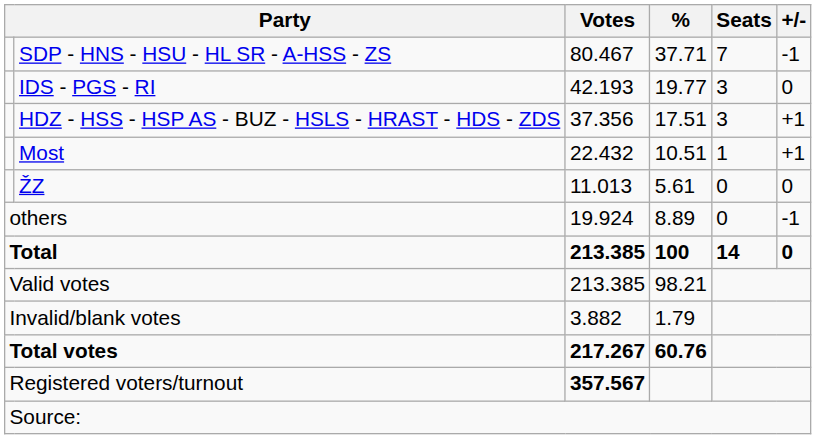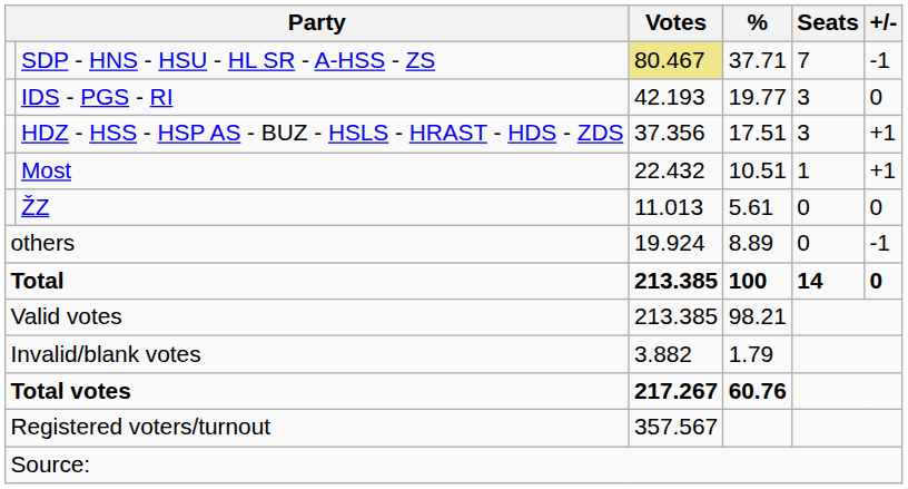 <table class="wikitable" style="text-align: left;">
 <tr>
 <th colspan="2">Party</th>
 <th>Votes</th>
 <th>%</th>
 <th>Seats</th>
 <th>+/-</th>
 </tr>
 <tr>
 <td style="background-color: "></td>
 <td><a href='#'>SDP</a> - <a href='#'>HNS</a> - <a href='#'>HSU</a> - <a href='#'>HL SR</a> - <a href='#'>A-HSS</a> - <a href='#'>ZS</a></td>
-<td>80.467</td>
+<td style="background: khaki;">80.467</td>
 <td>37.71</td>
 <td>7</td>
 <td>-1</td>
 </tr>
 <tr>
 <td style="background-color: "></td>
 <td><a href='#'>IDS</a> - <a href='#'>PGS</a> - <a href='#'>RI</a></td>
 <td>42.193</td>
 <td>19.77</td>
 <td>3</td>
 <td>0</td>
 </tr>
 <tr>
 <td style="background-color: "></td>
 <td><a href='#'>HDZ</a> - <a href='#'>HSS</a> - <a href='#'>HSP AS</a> - BUZ - <a href='#'>HSLS</a> - <a href='#'>HRAST</a> - <a href='#'>HDS</a> - <a href='#'>ZDS</a></td>
 <td>37.356</td>
 <td>17.51</td>
 <td>3</td>
 <td>+1</td>
 </tr>
 <tr>
 <td style="background-color: "></td>
 <td><a href='#'>Most</a></td>
 <td>22.432</td>
 <td>10.51</td>
 <td>1</td>
 <td>+1</td>
 </tr>
 <tr>
 <td style="background-color: "></td>
 <td><a href='#'>ŽZ</a></td>
 <td>11.013</td>
 <td>5.61</td>
 <td>0</td>
 <td>0</td>
 </tr>
 <tr>
 <td colspan="2">others</td>
 <td>19.924</td>
 <td>8.89</td>
 <td>0</td>
 <td>-1</td>
 </tr>
 <tr>
 <td colspan="2"><strong>Total</strong></td>
 <td><strong>213.385</strong></td>
 <td><strong>100</strong></td>
 <td><strong>14</strong></td>
 <td><strong>0</strong></td>
 </tr>
 <tr>
 <td colspan="2">Valid votes</td>
 <td>213.385</td>
 <td>98.21</td>
 <td colspan="2"></td>
 </tr>
 <tr>
 <td colspan="2">Invalid/blank votes</td>
 <td>3.882</td>
 <td>1.79</td>
 <td colspan="2"></td>
 </tr>
 <tr>
 <td colspan="2"><strong>Total votes</strong></td>
 <td><strong>217.267</strong></td>
 <td><strong>60.76</strong></td>
 <td colspan="2"></td>
 </tr>
 <tr>
 <td colspan="2">Registered voters/turnout</td>
-<td votes14="5343"><strong>357.567</strong></td>
+<td votes14="5343">357.567</td>
 <td></td>
 <td colspan="2"></td>
 </tr>
 <tr>
 <td colspan="6">Source: </td>
 </tr>
 </table>
